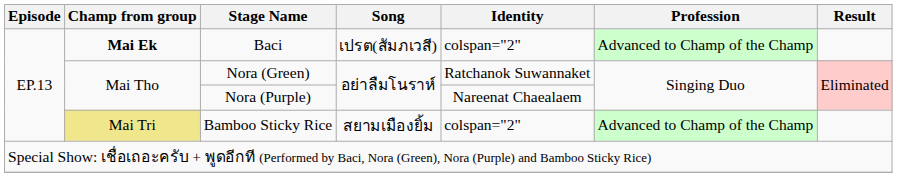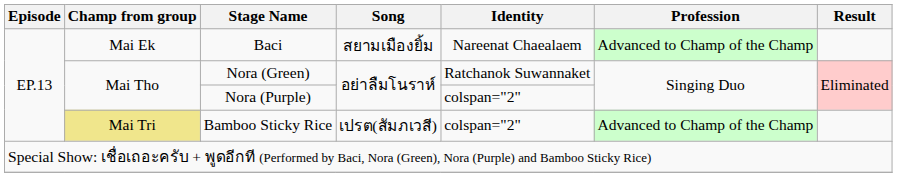 <table class="wikitable">
 <tr>
 <th>Episode</th>
 <th>Champ from group</th>
 <th>Stage Name</th>
 <th>Song</th>
 <th>Identity</th>
 <th>Profession</th>
 <th>Result</th>
 </tr>
 <tr>
 <td rowspan="4" align="center">EP.13</td>
-<td style="text-align:center;"><strong>Mai Ek</strong></td>
+<td style="text-align:center;">Mai Ek</td>
 <td style="text-align:center;">Baci</td>
-<td style="text-align:center;">เปรต(สัมภเวสี)</td>
-<td>colspan="2" </td>
+<td style="text-align:center;">สยามเมืองยิ้ม</td>
+<td style="text-align:center;">Nareenat Chaealaem</td>
 <td style="text-align:center; background:#ccffcc;">Advanced to Champ of the Champ</td>
 </tr>
 <tr>
 <td rowspan="2" style="text-align:center;">Mai Tho</td>
 <td style="text-align:center;">Nora (Green)</td>
 <td rowspan="2" style="text-align:center;">อย่าลืมโนราห์</td>
 <td style="text-align:center;">Ratchanok Suwannaket</td>
 <td rowspan="2" style="text-align:center;">Singing Duo</td>
 <td rowspan="2" style="text-align:center; background:#ffcccc;">Eliminated</td>
 </tr>
 <tr>
 <td style="text-align:center;">Nora (Purple)</td>
-<td style="text-align:center;">Nareenat Chaealaem</td>
+<td>colspan="2" </td>
 </tr>
 <tr>
 <td style="background: khaki; text-align:center;">Mai Tri</td>
 <td style="text-align:center;">Bamboo Sticky Rice</td>
-<td style="text-align:center;">สยามเมืองยิ้ม</td>
+<td style="text-align:center;">เปรต(สัมภเวสี)</td>
 <td>colspan="2" </td>
 <td style="text-align:center; background:#ccffcc;">Advanced to Champ of the Champ</td>
 </tr>
 <tr>
 <td colspan="7">Special Show: เชื่อเถอะครับ + พูดอีกที <small>(Performed by Baci, Nora (Green), Nora (Purple) and Bamboo Sticky Rice)</small></td>
 </tr>
 <tr>
 </tr>
 </table>
